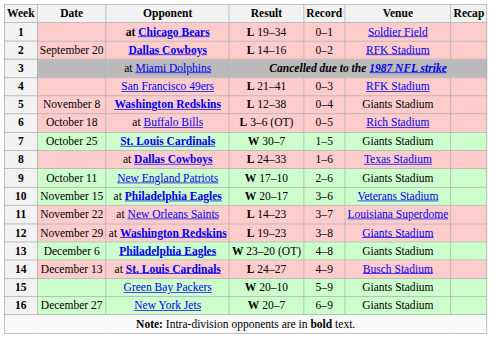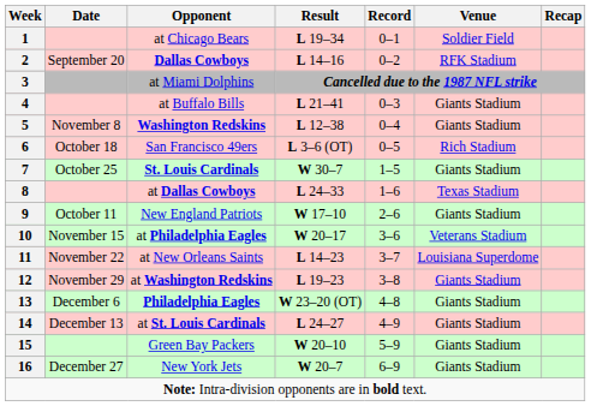 <table class="wikitable" style="text-align:center">
 <tr>
 <th>Week</th>
 <th>Date</th>
 <th>Opponent</th>
 <th>Result</th>
 <th>Record</th>
 <th>Venue</th>
 <th>Recap</th>
 </tr>
 <tr style="background:#fcc;">
 <th>1</th>
 <td></td>
-<td><strong>at <a href='#'>Chicago Bears</a></strong></td>
+<td>at <a href='#'>Chicago Bears</a></td>
 <td><strong>L</strong> 19–34</td>
 <td>0–1</td>
 <td><a href='#'>Soldier Field</a></td>
 <td></td>
 </tr>
 <tr style="background:#fcc;">
 <th>2</th>
 <td>September 20</td>
 <td><strong><a href='#'>Dallas Cowboys</a></strong></td>
 <td><strong>L</strong> 14–16</td>
 <td>0–2</td>
 <td><a href='#'>RFK Stadium</a></td>
 <td></td>
 </tr>
 <tr style="background:#bababa">
 <th>3</th>
 <td></td>
 <td>at <a href='#'>Miami Dolphins</a></td>
 <td colspan=5><strong><em>Cancelled due to the <a href='#'>1987 NFL strike</a></em></strong></td>
 </tr>
 <tr style="background:#fcc;">
 <th>4</th>
 <td></td>
-<td><a href='#'>San Francisco 49ers</a></td>
+<td>at <a href='#'>Buffalo Bills</a></td>
 <td><strong>L</strong>  21–41</td>
 <td>0–3</td>
-<td><a href='#'>RFK Stadium</a></td>
+<td>Giants Stadium</td>
 <td></td>
 </tr>
 <tr style="background:#fcc;">
 <th>5</th>
 <td>November 8</td>
 <td><strong><a href='#'>Washington Redskins</a></strong></td>
 <td><strong>L</strong> 12–38</td>
 <td>0–4</td>
 <td>Giants Stadium</td>
 <td></td>
 </tr>
 <tr style="background:#fcc;">
 <th>6</th>
 <td>October 18</td>
-<td>at <a href='#'>Buffalo Bills</a></td>
+<td><a href='#'>San Francisco 49ers</a></td>
 <td><strong>L</strong> 3–6 (OT)</td>
 <td>0–5</td>
 <td><a href='#'>Rich Stadium</a></td>
 <td></td>
 </tr>
 <tr style="background:#cfc;">
 <th>7</th>
 <td>October 25</td>
 <td><strong><a href='#'>St. Louis Cardinals</a></strong></td>
 <td><strong>W</strong> 30–7</td>
 <td>1–5</td>
 <td>Giants Stadium</td>
 <td></td>
 </tr>
 <tr style="background:#fcc;">
 <th>8</th>
 <td></td>
 <td>at <strong><a href='#'>Dallas Cowboys</a></strong></td>
 <td><strong>L</strong> 24–33</td>
 <td>1–6</td>
 <td><a href='#'>Texas Stadium</a></td>
 <td></td>
 </tr>
 <tr style="background:#cfc;">
 <th>9</th>
 <td>October 11</td>
 <td><a href='#'>New England Patriots</a></td>
 <td><strong>W</strong> 17–10</td>
 <td>2–6</td>
 <td>Giants Stadium</td>
 <td></td>
 </tr>
 <tr style="background:#cfc;">
 <th>10</th>
 <td>November 15</td>
 <td>at <strong><a href='#'>Philadelphia Eagles</a></strong></td>
 <td><strong>W</strong> 20–17</td>
 <td>3–6</td>
 <td><a href='#'>Veterans Stadium</a></td>
 <td></td>
 </tr>
 <tr style="background:#fcc;">
 <th>11</th>
 <td>November 22</td>
 <td>at <a href='#'>New Orleans Saints</a></td>
 <td><strong>L</strong> 14–23</td>
 <td>3–7</td>
 <td><a href='#'>Louisiana Superdome</a></td>
 <td></td>
 </tr>
 <tr style="background:#fcc;">
 <th>12</th>
 <td>November 29</td>
 <td>at <strong><a href='#'>Washington Redskins</a></strong></td>
 <td><strong>L</strong> 19–23</td>
 <td>3–8</td>
 <td><a href='#'>Giants Stadium</a></td>
 <td></td>
 </tr>
 <tr style="background:#cfc;">
 <th>13</th>
 <td>December 6</td>
 <td><strong><a href='#'>Philadelphia Eagles</a></strong></td>
 <td><strong>W</strong> 23–20 (OT)</td>
 <td>4–8</td>
 <td>Giants Stadium</td>
 <td></td>
 </tr>
 <tr style="background:#fcc;">
 <th>14</th>
 <td>December 13</td>
 <td>at <strong><a href='#'>St. Louis Cardinals</a></strong></td>
 <td><strong>L</strong> 24–27</td>
 <td>4–9</td>
-<td><a href='#'>Busch Stadium</a></td>
+<td>Giants Stadium</td>
 <td></td>
 </tr>
 <tr style="background:#cfc;">
 <th>15</th>
 <td></td>
 <td><a href='#'>Green Bay Packers</a></td>
 <td><strong>W</strong> 20–10</td>
 <td>5–9</td>
 <td>Giants Stadium</td>
 <td></td>
 </tr>
 <tr style="background:#cfc;">
 <th>16</th>
 <td>December 27</td>
 <td><a href='#'>New York Jets</a></td>
 <td><strong>W</strong> 20–7</td>
 <td>6–9</td>
 <td>Giants Stadium</td>
 <td></td>
 </tr>
 <tr>
 <td colspan="8"><strong>Note:</strong> Intra-division opponents are in <strong>bold</strong> text.</td>
 </tr>
 </table>
